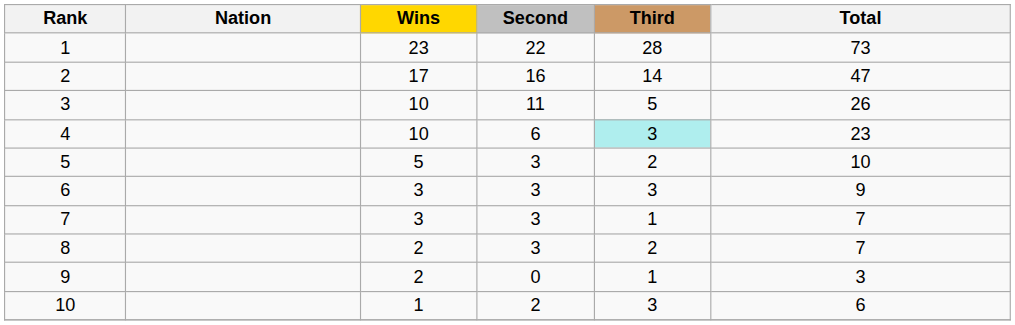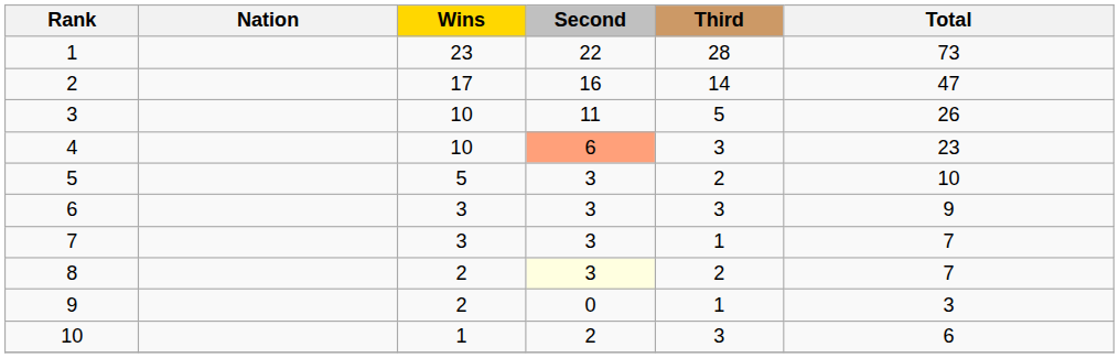 <table class="wikitable sortable plainrowheaders" width=70.5% style="text-align:center">
 <tr>
 <th width=100px class="hintergrundfarbe5">Rank</th>
 <th width=200px class="hintergrundfarbe6">Nation</th>
 <th scope="col" style="background-color:gold; width:6em;">Wins</th>
 <th scope="col" style="background-color:silver; width:6em;">Second</th>
 <th scope="col" style="background-color:#cc9966; width:6em;">Third</th>
 <th>Total</th>
 </tr>
 <tr>
 <td>1</td>
 <td align=left></td>
 <td>23</td>
 <td>22</td>
 <td>28</td>
 <td>73</td>
 </tr>
 <tr>
 <td>2</td>
 <td align=left></td>
 <td>17</td>
 <td>16</td>
 <td>14</td>
 <td>47</td>
 </tr>
 <tr>
 <td>3</td>
 <td align=left></td>
 <td>10</td>
 <td>11</td>
 <td>5</td>
 <td>26</td>
 </tr>
 <tr>
 <td>4</td>
 <td align=left></td>
 <td>10</td>
-<td>6</td>
-<td style="background: paleturquoise;">3</td>
+<td style="background: lightsalmon;">6</td>
+<td>3</td>
 <td>23</td>
 </tr>
 <tr>
 <td>5</td>
 <td align=left></td>
 <td>5</td>
 <td>3</td>
 <td>2</td>
 <td>10</td>
 </tr>
 <tr>
 <td>6</td>
 <td align=left></td>
 <td>3</td>
 <td>3</td>
 <td>3</td>
 <td>9</td>
 </tr>
 <tr>
 <td>7</td>
 <td align=left></td>
 <td>3</td>
 <td>3</td>
 <td>1</td>
 <td>7</td>
 </tr>
 <tr>
 <td>8</td>
 <td align=left></td>
 <td>2</td>
-<td>3</td>
+<td style="background: lightyellow;">3</td>
 <td>2</td>
 <td>7</td>
 </tr>
 <tr>
 <td>9</td>
 <td align=left></td>
 <td>2</td>
 <td>0</td>
 <td>1</td>
 <td>3</td>
 </tr>
 <tr>
 <td>10</td>
 <td align=left></td>
 <td>1</td>
 <td>2</td>
 <td>3</td>
 <td>6</td>
 </tr>
 <tr>
 </tr>
 </table>
